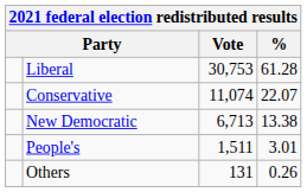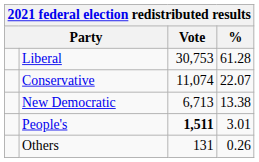 <table class="wikitable">
 <tr>
 <th colspan="4"><a href='#'>2021 federal election</a> redistributed results</th>
 </tr>
 <tr>
 <th bgcolor="#DDDDFF" width="130px" colspan="2">Party</th>
 <th bgcolor="#DDDDFF" width="50px">Vote</th>
 <th bgcolor="#DDDDFF" width="30px">%</th>
 </tr>
 <tr>
 <td> </td>
 <td><a href='#'>Liberal</a></td>
 <td align=right>30,753</td>
 <td align=right>61.28</td>
 </tr>
 <tr>
 <td> </td>
 <td><a href='#'>Conservative</a></td>
 <td align=right>11,074</td>
 <td align=right>22.07</td>
 </tr>
 <tr>
 <td> </td>
 <td><a href='#'>New Democratic</a></td>
 <td align=right>6,713</td>
 <td align=right>13.38</td>
 </tr>
 <tr>
 <td> </td>
 <td><a href='#'>People's</a></td>
-<td align=right>1,511</td>
+<td align=right><strong>1,511</strong></td>
 <td align=right>3.01</td>
 </tr>
 <tr>
 <td> </td>
 <td>Others</td>
 <td align=right>131</td>
 <td align=right>0.26</td>
 </tr>
 </table>
